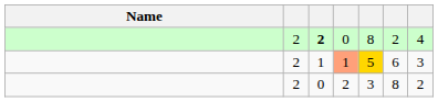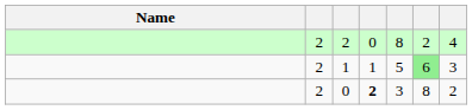 <table class=wikitable style="text-align:center">
 <tr>
 <th width=300>Name</th>
 <th width=20></th>
 <th width=20></th>
 <th width=20></th>
 <th width=20></th>
 <th width=20></th>
 <th width=20></th>
 </tr>
 <tr style="background-color:#ccffcc;">
 <td style="text-align:left;"></td>
 <td>2</td>
-<td><strong>2</strong></td>
+<td>2</td>
 <td>0</td>
 <td>8</td>
 <td>2</td>
 <td>4</td>
 </tr>
 <tr>
 <td style="text-align:left;"></td>
 <td>2</td>
 <td>1</td>
-<td style="background: lightsalmon;">1</td>
-<td style="background: gold;">5</td>
-<td>6</td>
+<td>1</td>
+<td>5</td>
+<td style="background: lightgreen;">6</td>
 <td>3</td>
 </tr>
 <tr>
 <td style="text-align:left;"></td>
 <td>2</td>
 <td>0</td>
-<td>2</td>
+<td><strong>2</strong></td>
 <td>3</td>
 <td>8</td>
 <td>2</td>
 </tr>
 </table>
